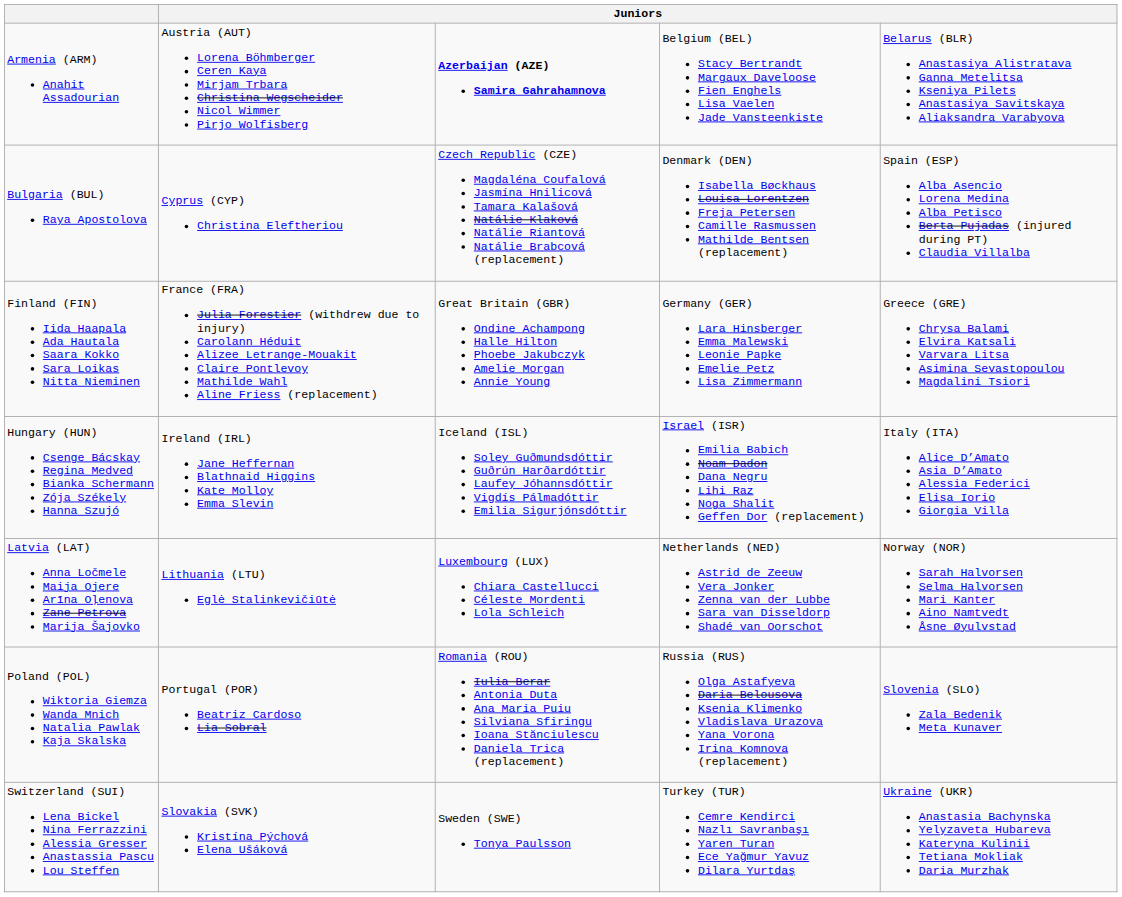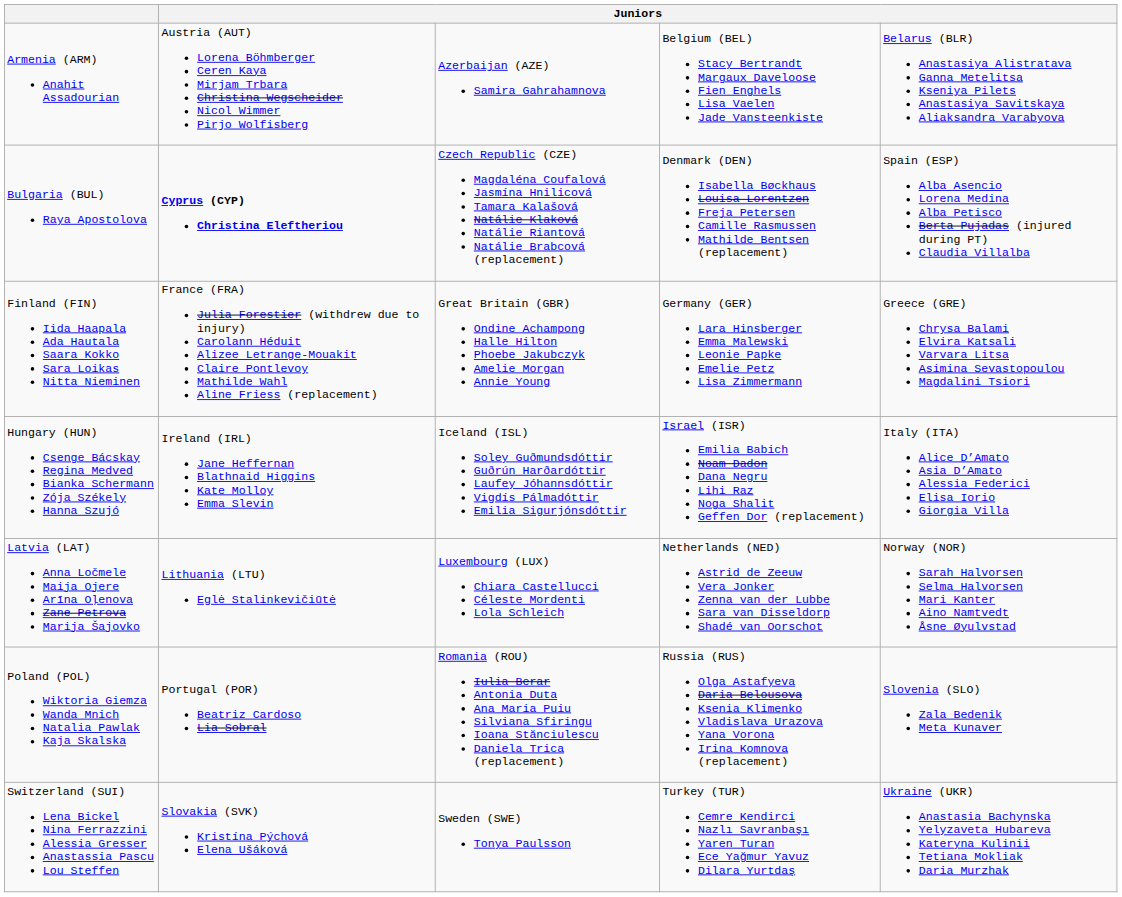 <table class="wikitable">
 <tr>
 <th></th>
 <th colspan="4">Juniors</th>
 </tr>
 <tr>
 <td> <a href='#'>Armenia</a> (ARM)<br><ul><li><a href='#'>Anahit Assadourian</a></li></ul></td>
 <td> Austria (AUT)<br><ul><li><a href='#'>Lorena Böhmberger</a></li><li><a href='#'>Ceren Kaya</a></li><li><a href='#'>Mirjam Trbara</a></li><li><s><a href='#'>Christina Wegscheider</a></s></li><li><a href='#'>Nicol Wimmer</a></li><li><a href='#'>Pirjo Wolfisberg</a></li></ul></td>
-<td><strong> <a href='#'>Azerbaijan</a> (AZE)<br><ul><li><a href='#'>Samira Gahrahamnova</a></li></ul></strong></td>
+<td> <a href='#'>Azerbaijan</a> (AZE)<br><ul><li><a href='#'>Samira Gahrahamnova</a></li></ul></td>
 <td> Belgium (BEL)<br><ul><li><a href='#'>Stacy Bertrandt</a></li><li><a href='#'>Margaux Daveloose</a></li><li><a href='#'>Fien Enghels</a></li><li><a href='#'>Lisa Vaelen</a></li><li><a href='#'>Jade Vansteenkiste</a></li></ul></td>
 <td> <a href='#'>Belarus</a> (BLR)<br><ul><li><a href='#'>Anastasiya Alistratava</a></li><li><a href='#'>Ganna Metelitsa</a></li><li><a href='#'>Kseniya Pilets</a></li><li><a href='#'>Anastasiya Savitskaya</a></li><li><a href='#'>Aliaksandra Varabyova</a></li></ul></td>
 </tr>
 <tr>
 <td> <a href='#'>Bulgaria</a> (BUL)<br><ul><li><a href='#'>Raya Apostolova</a></li></ul></td>
-<td><br> <a href='#'>Cyprus</a> (CYP)<ul><li><a href='#'>Christina Eleftheriou</a></li></ul></td>
+<td><strong><br> <a href='#'>Cyprus</a> (CYP)<ul><li><a href='#'>Christina Eleftheriou</a></li></ul></strong></td>
 <td> <a href='#'>Czech Republic</a> (CZE)<br><ul><li><a href='#'>Magdaléna Coufalová</a></li><li><a href='#'>Jasmína Hnilicová</a></li><li><a href='#'>Tamara Kalašová</a></li><li><s><a href='#'>Natálie Klaková</a></s></li><li><a href='#'>Natálie Riantová</a></li><li><a href='#'>Natálie Brabcová</a> (replacement)</li></ul></td>
 <td> Denmark (DEN)<br><ul><li><a href='#'>Isabella Bøckhaus</a></li><li><s><a href='#'>Louisa Lorentzen</a></s></li><li><a href='#'>Freja Petersen</a></li><li><a href='#'>Camille Rasmussen</a></li><li><a href='#'>Mathilde Bentsen</a> (replacement)</li></ul></td>
 <td> Spain (ESP)<br><ul><li><a href='#'>Alba Asencio</a></li><li><a href='#'>Lorena Medina</a></li><li><a href='#'>Alba Petisco</a></li><li><s><a href='#'>Berta Pujadas</a></s> (injured during PT)</li><li><a href='#'>Claudia Villalba</a></li></ul></td>
 </tr>
 <tr>
 <td> Finland (FIN)<br><ul><li><a href='#'>Iida Haapala</a></li><li><a href='#'>Ada Hautala</a></li><li><a href='#'>Saara Kokko</a></li><li><a href='#'>Sara Loikas</a></li><li><a href='#'>Nitta Nieminen</a></li></ul></td>
 <td> France (FRA)<br><ul><li><s><a href='#'>Julia Forestier</a></s> (withdrew due to injury)</li><li><a href='#'>Carolann Héduit</a></li><li><a href='#'>Alizee Letrange-Mouakit</a></li><li><a href='#'>Claire Pontlevoy</a></li><li><a href='#'>Mathilde Wahl</a></li><li><a href='#'>Aline Friess</a> (replacement)</li></ul></td>
 <td> Great Britain (GBR)<br><ul><li><a href='#'>Ondine Achampong</a></li><li><a href='#'>Halle Hilton</a></li><li><a href='#'>Phoebe Jakubczyk</a></li><li><a href='#'>Amelie Morgan</a></li><li><a href='#'>Annie Young</a></li></ul></td>
 <td> Germany (GER)<br><ul><li><a href='#'>Lara Hinsberger</a></li><li><a href='#'>Emma Malewski</a></li><li><a href='#'>Leonie Papke</a></li><li><a href='#'>Emelie Petz</a></li><li><a href='#'>Lisa Zimmermann</a></li></ul></td>
 <td> Greece (GRE)<br><ul><li><a href='#'>Chrysa Balami</a></li><li><a href='#'>Elvira Katsali</a></li><li><a href='#'>Varvara Litsa</a></li><li><a href='#'>Asimina Sevastopoulou</a></li><li><a href='#'>Magdalini Tsiori</a></li></ul></td>
 </tr>
 <tr>
 <td> Hungary (HUN)<br><ul><li><a href='#'>Csenge Bácskay</a></li><li><a href='#'>Regina Medved</a></li><li><a href='#'>Bianka Schermann</a></li><li><a href='#'>Zója Székely</a></li><li><a href='#'>Hanna Szujó</a></li></ul></td>
 <td> Ireland (IRL)<br><ul><li><a href='#'>Jane Heffernan</a></li><li><a href='#'>Blathnaid Higgins</a></li><li><a href='#'>Kate Molloy</a></li><li><a href='#'>Emma Slevin</a></li></ul></td>
 <td> Iceland (ISL)<br><ul><li><a href='#'>Soley Guðmundsdóttir</a></li><li><a href='#'>Guðrún Harðardóttir</a></li><li><a href='#'>Laufey Jóhannsdóttir</a></li><li><a href='#'>Vigdís Pálmadóttir</a></li><li><a href='#'>Emilia Sigurjónsdóttir</a></li></ul></td>
 <td> <a href='#'>Israel</a> (ISR)<br><ul><li><a href='#'>Emilia Babich</a></li><li><s><a href='#'>Noam Dadon</a></s></li><li><a href='#'>Dana Negru</a></li><li><a href='#'>Lihi Raz</a></li><li><a href='#'>Noga Shalit</a></li><li><a href='#'>Geffen Dor</a> (replacement)</li></ul></td>
 <td> Italy (ITA)<br><ul><li><a href='#'>Alice D’Amato</a></li><li><a href='#'>Asia D’Amato</a></li><li><a href='#'>Alessia Federici</a></li><li><a href='#'>Elisa Iorio</a></li><li><a href='#'>Giorgia Villa</a></li></ul></td>
 </tr>
 <tr>
 <td> <a href='#'>Latvia</a> (LAT)<br><ul><li><a href='#'>Anna Ločmele</a></li><li><a href='#'>Maija Ojere</a></li><li><a href='#'>Arīna Oļenova</a></li><li><s><a href='#'>Zane Petrova</a></s></li><li><a href='#'>Marija Šajovko</a></li></ul></td>
 <td> <a href='#'>Lithuania</a> (LTU)<br><ul><li><a href='#'>Eglė Stalinkevičiūtė</a></li></ul></td>
 <td> <a href='#'>Luxembourg</a> (LUX)<br><ul><li><a href='#'>Chiara Castellucci</a></li><li><a href='#'>Céleste Mordenti</a></li><li><a href='#'>Lola Schleich</a></li></ul></td>
 <td> Netherlands (NED)<br><ul><li><a href='#'>Astrid de Zeeuw</a></li><li><a href='#'>Vera Jonker</a></li><li><a href='#'>Zenna van der Lubbe</a></li><li><a href='#'>Sara van Disseldorp</a></li><li><a href='#'>Shadé van Oorschot</a></li></ul></td>
 <td> Norway (NOR)<br><ul><li><a href='#'>Sarah Halvorsen</a></li><li><a href='#'>Selma Halvorsen</a></li><li><a href='#'>Mari Kanter</a></li><li><a href='#'>Aino Namtvedt</a></li><li><a href='#'>Åsne Øyulvstad</a></li></ul></td>
 </tr>
 <tr>
 <td> Poland (POL)<br><ul><li><a href='#'>Wiktoria Giemza</a></li><li><a href='#'>Wanda Mnich</a></li><li><a href='#'>Natalia Pawlak</a></li><li><a href='#'>Kaja Skalska</a></li></ul></td>
 <td> Portugal (POR)<br><ul><li><a href='#'>Beatriz Cardoso</a></li><li><s><a href='#'>Lia Sobral</a></s></li></ul></td>
 <td> <a href='#'>Romania</a> (ROU)<br><ul><li><s><a href='#'>Iulia Berar</a></s></li><li><a href='#'>Antonia Duta</a></li><li><a href='#'>Ana Maria Puiu</a></li><li><a href='#'>Silviana Sfiringu</a></li><li><a href='#'>Ioana Stănciulescu</a></li><li><a href='#'>Daniela Trica</a> (replacement)</li></ul></td>
 <td> Russia (RUS)<br><ul><li><a href='#'>Olga Astafyeva</a></li><li><s><a href='#'>Daria Belousova</a></s></li><li><a href='#'>Ksenia Klimenko</a></li><li><a href='#'>Vladislava Urazova</a></li><li><a href='#'>Yana Vorona</a></li><li><a href='#'>Irina Komnova</a> (replacement)</li></ul></td>
 <td> <a href='#'>Slovenia</a> (SLO)<br><ul><li><a href='#'>Zala Bedenik</a></li><li><a href='#'>Meta Kunaver</a></li></ul></td>
 </tr>
 <tr>
 <td> Switzerland (SUI)<br><ul><li><a href='#'>Lena Bickel</a></li><li><a href='#'>Nina Ferrazzini</a></li><li><a href='#'>Alessia Gresser</a></li><li><a href='#'>Anastassia Pascu</a></li><li><a href='#'>Lou Steffen</a></li></ul></td>
 <td> <a href='#'>Slovakia</a> (SVK)<br><ul><li><a href='#'>Kristína Pýchová</a></li><li><a href='#'>Elena Ušáková</a></li></ul></td>
 <td> Sweden (SWE)<br><ul><li><a href='#'>Tonya Paulsson</a></li></ul></td>
 <td> Turkey (TUR)<br><ul><li><a href='#'>Cemre Kendirci</a></li><li><a href='#'>Nazlı Savranbaşı</a></li><li><a href='#'>Yaren Turan</a></li><li><a href='#'>Ece Yağmur Yavuz</a></li><li><a href='#'>Dilara Yurtdaş</a></li></ul></td>
 <td> <a href='#'>Ukraine</a> (UKR)<br><ul><li><a href='#'>Anastasia Bachynska</a></li><li><a href='#'>Yelyzaveta Hubareva</a></li><li><a href='#'>Kateryna Kulinii</a></li><li><a href='#'>Tetiana Mokliak</a></li><li><a href='#'>Daria Murzhak</a></li></ul></td>
 </tr>
 </table>
